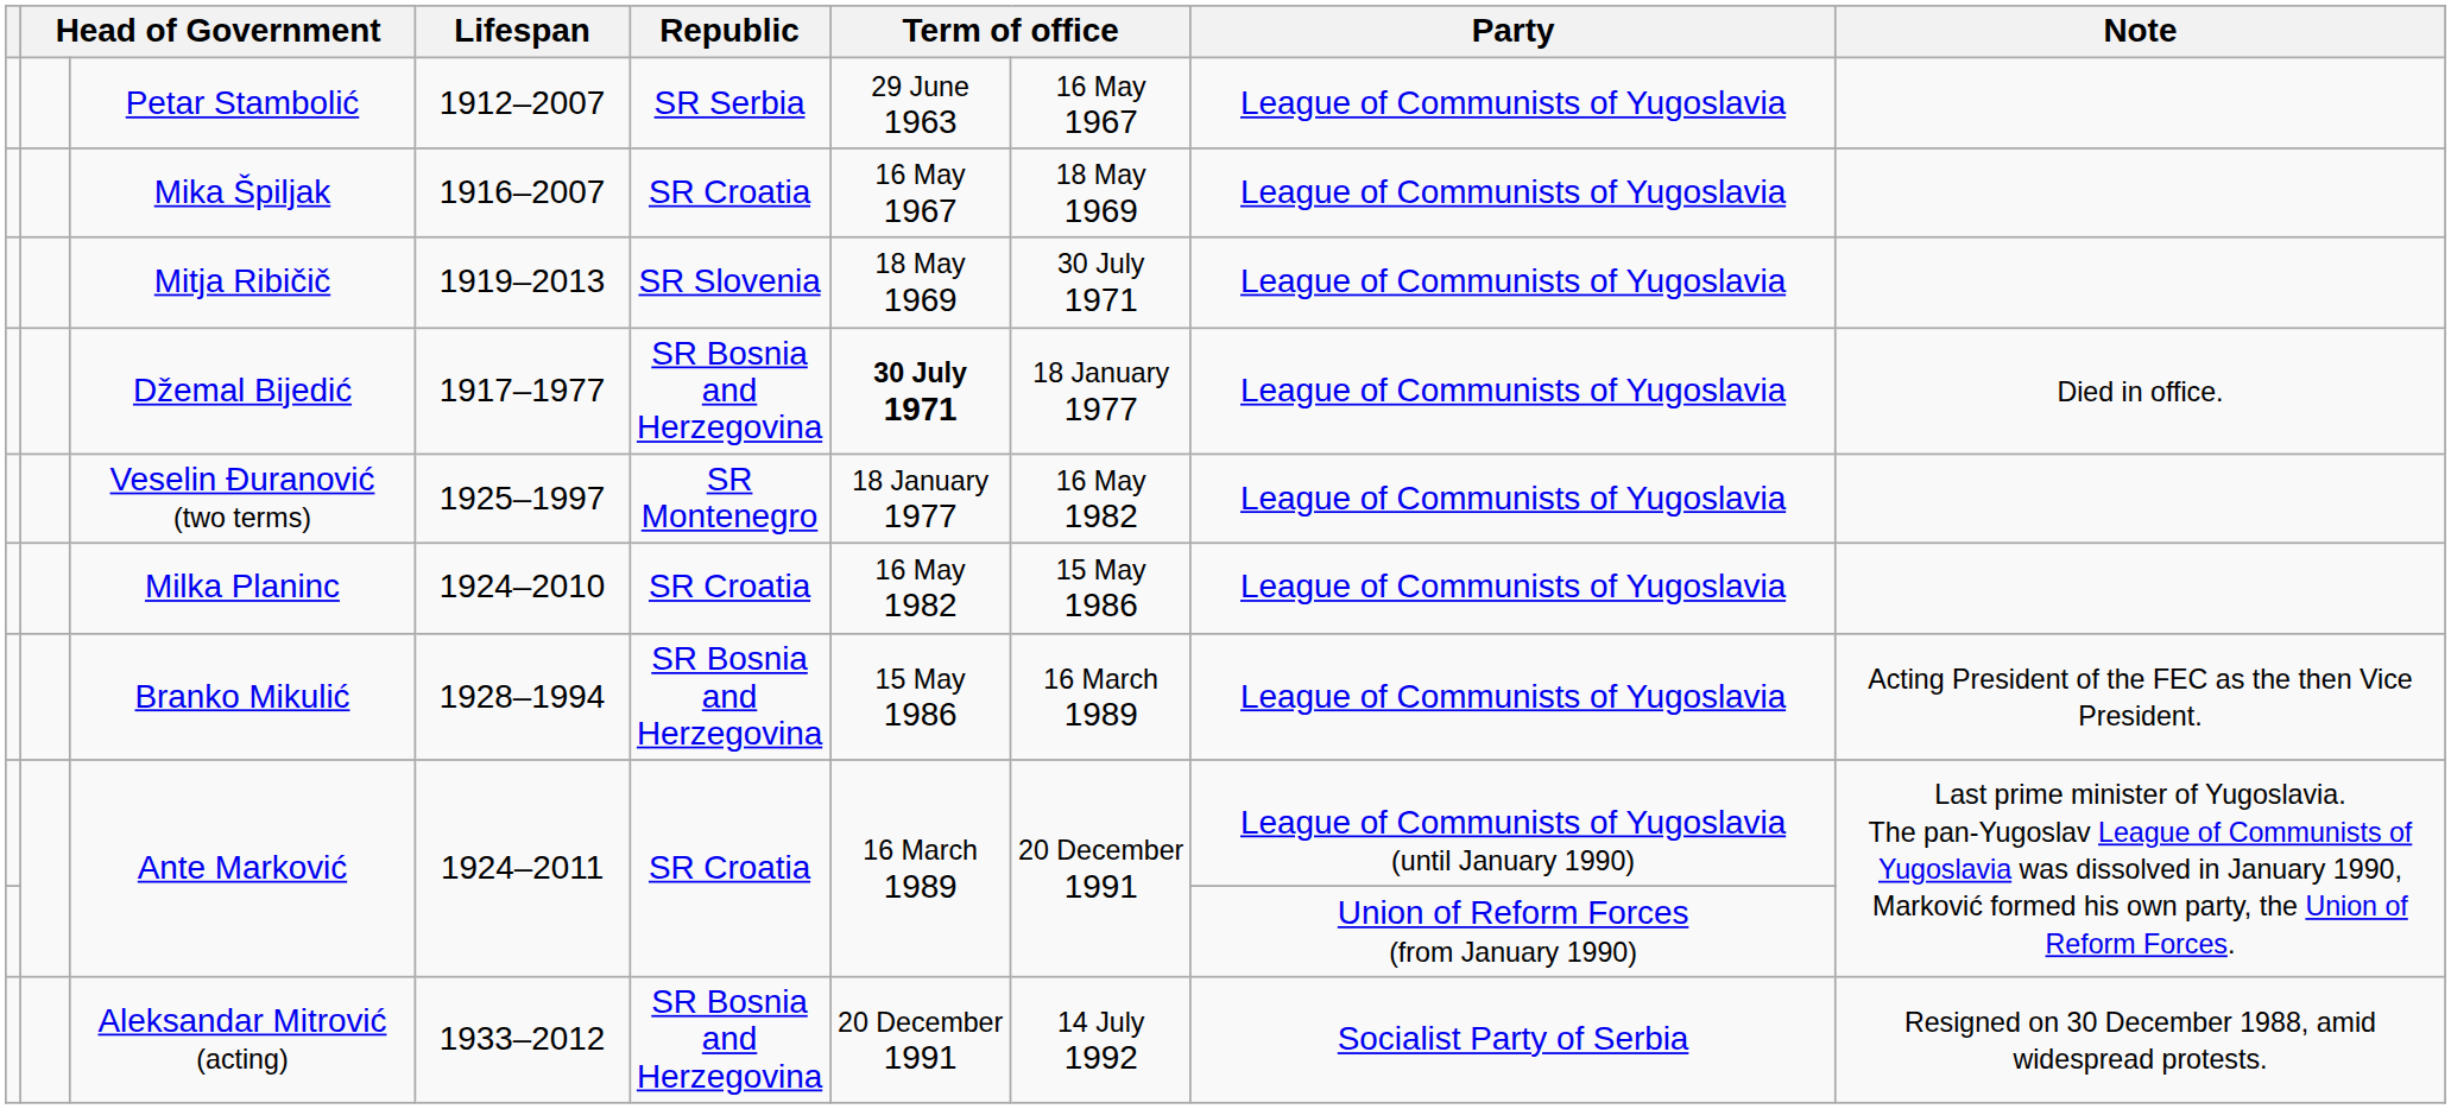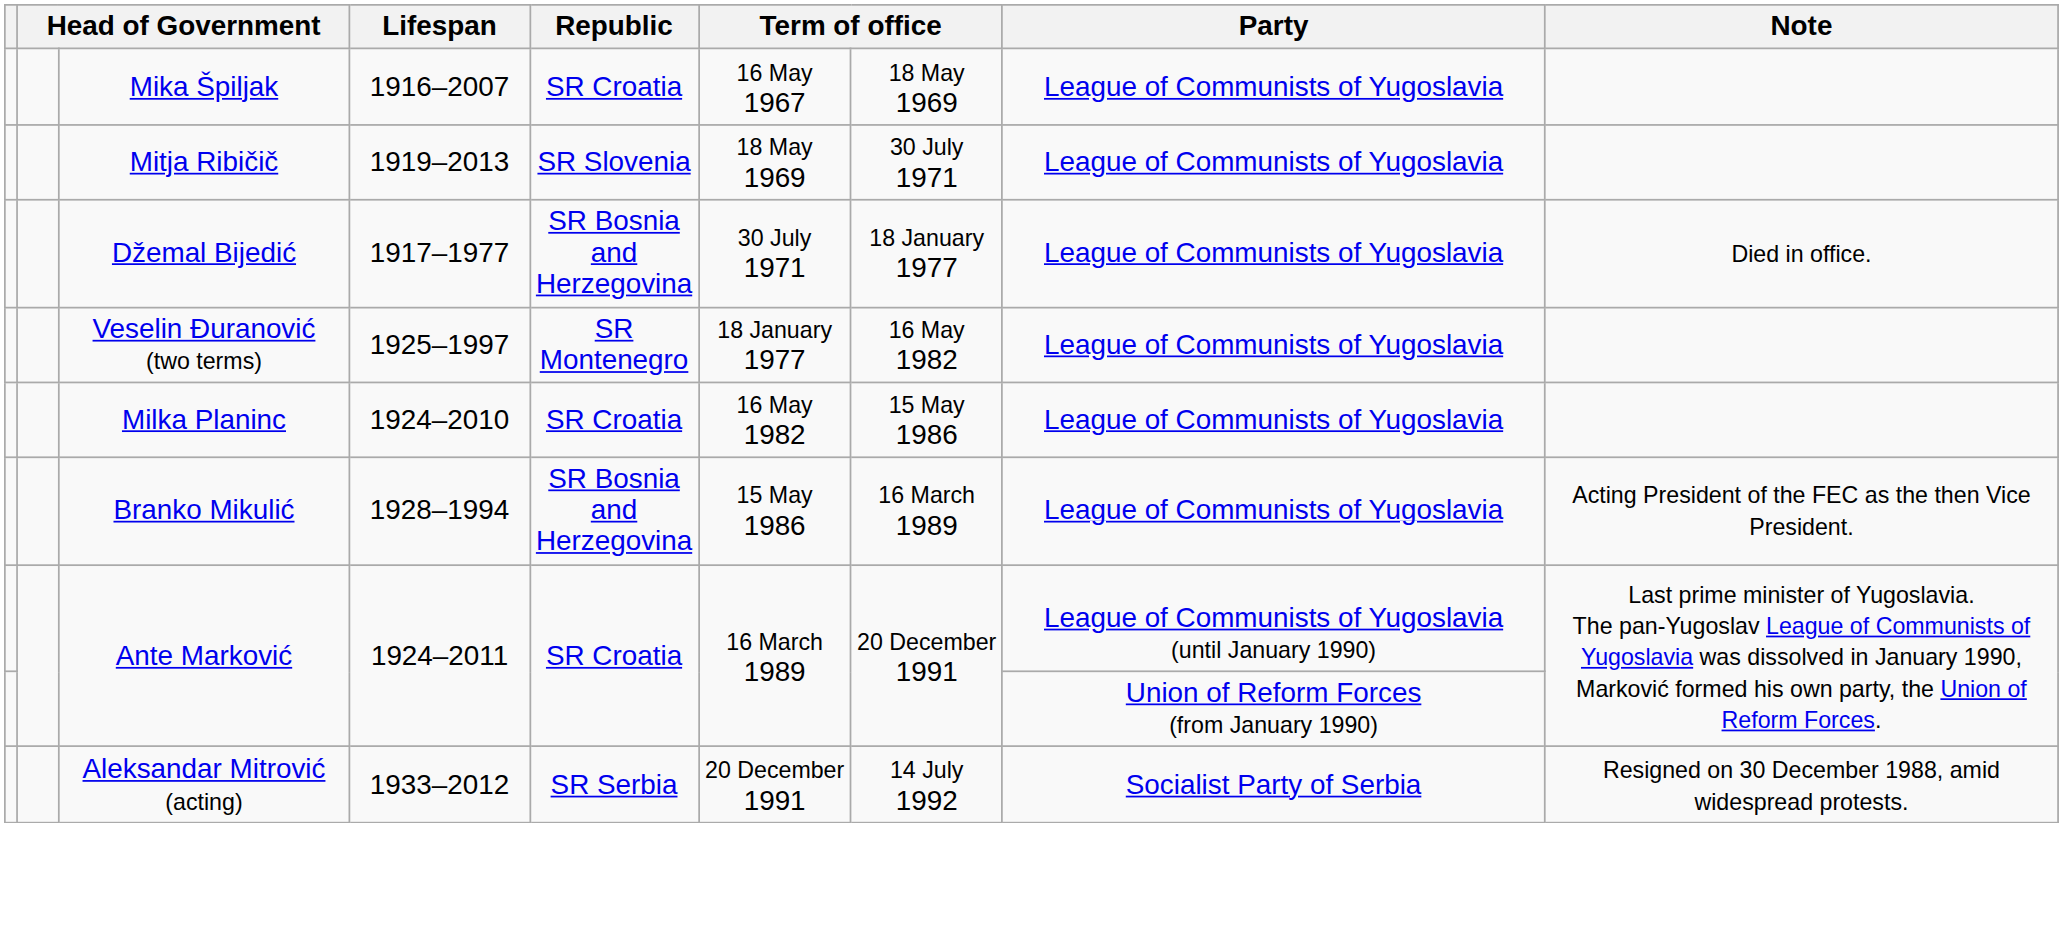 <table class="wikitable" style="text-align:center;">
 <tr>
 <th></th>
 <th colspan=2>Head of Government</th>
 <th>Lifespan</th>
 <th>Republic</th>
 <th colspan=2>Term of office</th>
 <th>Party</th>
 <th>Note</th>
-</tr>
-<tr>
-<td style="background: "></td>
-<td style="width:1em;"></td>
-<td style="width:10em;"><a href='#'>Petar Stambolić</a></td>
-<td style="width:6em;">1912–2007</td>
-<td style="width:3em;"><a href='#'>SR Serbia</a></td>
-<td style="width:5em;"><small>29 June</small><br>1963</td>
-<td style="width:5em;"><small>16 May</small><br>1967</td>
-<td style="width:19em;"><a href='#'>League of Communists of Yugoslavia</a></td>
-<td style="width:18em;"></td>
 </tr>
 <tr>
 <td style="background: "></td>
 <td style="width:1em;"></td>
 <td style="width:10em;"><a href='#'>Mika Špiljak</a></td>
 <td style="width:6em;">1916–2007</td>
 <td style="width:3em;"><a href='#'>SR Croatia</a></td>
 <td style="width:5em;"><small>16 May</small><br>1967</td>
 <td style="width:5em;"><small>18 May</small><br>1969</td>
 <td style="width:19em;"><a href='#'>League of Communists of Yugoslavia</a></td>
 <td style="width:18em;"></td>
 </tr>
 <tr>
 <td style="background: "></td>
 <td style="width:1em;"></td>
 <td style="width:10em;"><a href='#'>Mitja Ribičič</a></td>
 <td style="width:6em;">1919–2013</td>
 <td style="width:3em;"><a href='#'>SR Slovenia</a></td>
 <td style="width:5em;"><small>18 May</small><br>1969</td>
 <td style="width:5em;"><small>30 July</small><br>1971</td>
 <td style="width:19em;"><a href='#'>League of Communists of Yugoslavia</a></td>
 <td style="width:18em;"></td>
 </tr>
 <tr>
 <td style="background: "></td>
 <td style="width:1em;"></td>
 <td style="width:10em;"><a href='#'>Džemal Bijedić</a></td>
 <td style="width:6em;">1917–1977</td>
 <td style="width:3em;"><a href='#'>SR Bosnia and Herzegovina</a></td>
-<td style="width:5em;"><strong><small>30 July</small><br>1971</strong></td>
+<td style="width:5em;"><small>30 July</small><br>1971</td>
 <td style="width:5em;"><small>18 January</small><br>1977</td>
 <td style="width:19em;"><a href='#'>League of Communists of Yugoslavia</a></td>
 <td style="width:18em;"><small>Died in office.</small></td>
 </tr>
 <tr>
 <td style="background: "></td>
 <td style="width:1em;"></td>
 <td style="width:10em;"><a href='#'>Veselin Đuranović</a><br><small>(two terms)</small></td>
 <td style="width:6em;">1925–1997</td>
 <td style="width:3em;"><a href='#'>SR Montenegro</a></td>
 <td style="width:5em;"><small>18 January</small><br>1977</td>
 <td style="width:5em;"><small>16 May</small><br>1982</td>
 <td style="width:19em;"><a href='#'>League of Communists of Yugoslavia</a></td>
 <td style="width:18em;"></td>
 </tr>
 <tr>
 <td style="background: "></td>
 <td style="width:1em;"></td>
 <td style="width:10em;"><a href='#'>Milka Planinc</a></td>
 <td style="width:6em;">1924–2010</td>
 <td style="width:3em;"><a href='#'>SR Croatia</a></td>
 <td style="width:5em;"><small>16 May</small><br>1982</td>
 <td style="width:5em;"><small>15 May</small><br>1986</td>
 <td style="width:19em;"><a href='#'>League of Communists of Yugoslavia</a></td>
 <td style="width:18em;"></td>
 </tr>
 <tr>
 <td style="background: "></td>
 <td style="width:1em;"></td>
 <td style="width:10em;"><a href='#'>Branko Mikulić</a></td>
 <td style="width:6em;">1928–1994</td>
 <td style="width:3em;"><a href='#'>SR Bosnia and Herzegovina</a></td>
 <td style="width:5em;"><small>15 May</small><br>1986</td>
 <td style="width:5em;"><small>16 March</small><br>1989</td>
 <td style="width:19em;"><a href='#'>League of Communists of Yugoslavia</a></td>
 <td style="width:18em;"><small>Acting President of the FEC as the then Vice President.</small></td>
 </tr>
 <tr>
 <td style="background: "><br></td>
 <td style="width:1em;" rowspan="2"></td>
 <td style="width:10em;" rowspan="2"><a href='#'>Ante Marković</a></td>
 <td rowspan="2" style="width:6em;">1924–2011</td>
 <td rowspan="2" style="width:3em;"><a href='#'>SR Croatia</a></td>
 <td rowspan="2" style="width:5em;"><small>16 March</small><br>1989</td>
 <td rowspan="2" style="width:5em;"><small>20 December</small><br>1991</td>
 <td style="width:19em;"><br><a href='#'>League of Communists of Yugoslavia</a><br><small>(until January 1990)</small><br></td>
 <td style="width:18em;" rowspan="2"><small>Last prime minister of Yugoslavia.<br>The pan-Yugoslav <a href='#'>League of Communists of Yugoslavia</a> was dissolved in January 1990, Marković formed his own party, the <a href='#'>Union of Reform Forces</a>.</small></td>
 </tr>
 <tr>
 <td style="background: "></td>
 <td><a href='#'>Union of Reform Forces</a><br><small>(from January 1990)</small></td>
 </tr>
 <tr>
 <td style="background: "></td>
 <td style="width:1em;"></td>
 <td style="width:10em;"><a href='#'>Aleksandar Mitrović</a><br><small>(acting)</small></td>
 <td style="width:6em;">1933–2012</td>
-<td style="width:3em;"><a href='#'>SR Bosnia and Herzegovina</a></td>
+<td style="width:3em;"><a href='#'>SR Serbia</a></td>
 <td style="width:5em;"><small>20 December</small><br>1991</td>
 <td style="width:5em;"><small>14 July</small><br>1992</td>
 <td style="width:19em;"><a href='#'>Socialist Party of Serbia</a></td>
 <td style="width:18em;"><small>Resigned on 30 December 1988, amid widespread protests.</small></td>
 </tr>
 </table>
